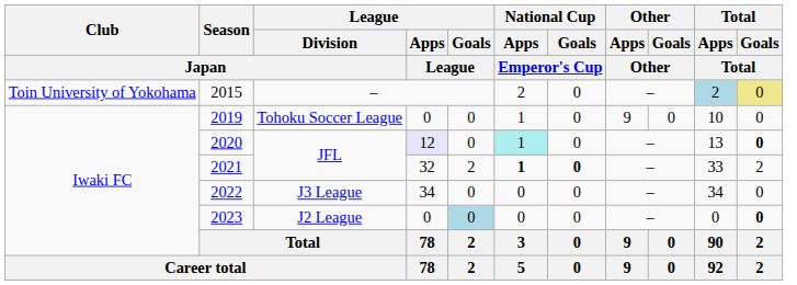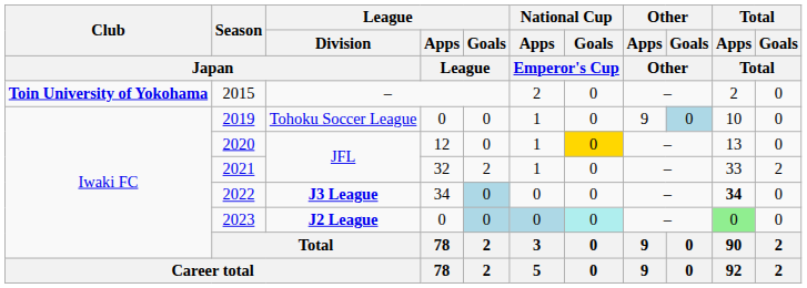 <table class="wikitable" style="text-align:center">
 <tr>
 <th rowspan=2>Club</th>
 <th rowspan=2>Season</th>
 <th colspan=3>League</th>
 <th colspan=2>National Cup</th>
 <th colspan=2>Other</th>
 <th colspan=2>Total</th>
 </tr>
 <tr>
 <th>Division</th>
 <th>Apps</th>
 <th>Goals</th>
 <th>Apps</th>
 <th>Goals</th>
 <th>Apps</th>
 <th>Goals</th>
 <th>Apps</th>
 <th>Goals</th>
 </tr>
 <tr>
 <th colspan=3>Japan</th>
 <th colspan=2>League</th>
 <th colspan=2><a href='#'>Emperor's Cup</a></th>
 <th colspan=2>Other</th>
 <th colspan=2>Total</th>
 </tr>
 <tr>
-<td><a href='#'>Toin University of Yokohama</a></td>
+<td><strong><a href='#'>Toin University of Yokohama</a></strong></td>
 <td>2015</td>
 <td colspan="3">–</td>
 <td>2</td>
 <td>0</td>
 <td colspan="2">–</td>
-<td style="background: lightblue;">2</td>
-<td style="background: khaki;">0</td>
+<td>2</td>
+<td>0</td>
 </tr>
 <tr>
 <td rowspan="6"><a href='#'>Iwaki FC</a></td>
 <td><a href='#'>2019</a></td>
 <td><a href='#'>Tohoku Soccer League</a></td>
 <td>0</td>
 <td>0</td>
 <td>1</td>
 <td>0</td>
 <td>9</td>
-<td>0</td>
+<td style="background: lightblue;">0</td>
 <td>10</td>
 <td>0</td>
 </tr>
 <tr>
 <td><a href='#'>2020</a></td>
 <td rowspan="2"><a href='#'>JFL</a></td>
-<td style="background: lavender;">12</td>
+<td>12</td>
 <td>0</td>
-<td style="background: paleturquoise;">1</td>
-<td>0</td>
+<td>1</td>
+<td style="background: gold;">0</td>
 <td colspan="2">–</td>
 <td>13</td>
-<td><strong>0</strong></td>
+<td>0</td>
 </tr>
 <tr>
 <td><a href='#'>2021</a></td>
 <td>32</td>
 <td>2</td>
-<td><strong>1</strong></td>
-<td><strong>0</strong></td>
+<td>1</td>
+<td>0</td>
 <td colspan="2">–</td>
 <td>33</td>
 <td>2</td>
 </tr>
 <tr>
 <td><a href='#'>2022</a></td>
-<td><a href='#'>J3 League</a></td>
+<td><strong><a href='#'>J3 League</a></strong></td>
 <td>34</td>
-<td>0</td>
+<td style="background: lightblue;">0</td>
 <td>0</td>
 <td>0</td>
 <td colspan="2">–</td>
-<td>34</td>
+<td><strong>34</strong></td>
 <td>0</td>
 </tr>
 <tr>
 <td><a href='#'>2023</a></td>
-<td><a href='#'>J2 League</a></td>
+<td><strong><a href='#'>J2 League</a></strong></td>
 <td>0</td>
 <td style="background: lightblue;">0</td>
+<td style="background: lightblue;">0</td>
+<td style="background: paleturquoise;">0</td>
+<td colspan="2">–</td>
+<td style="background: lightgreen;">0</td>
 <td>0</td>
-<td>0</td>
-<td colspan="2">–</td>
-<td>0</td>
-<td><strong>0</strong></td>
 </tr>
 <tr>
 <th colspan="2">Total</th>
 <th>78</th>
 <th>2</th>
 <th>3</th>
 <th>0</th>
 <th>9</th>
 <th>0</th>
 <th>90</th>
 <th>2</th>
 </tr>
 <tr>
 <th colspan=3>Career total</th>
 <th>78</th>
 <th>2</th>
 <th>5</th>
 <th>0</th>
 <th>9</th>
 <th>0</th>
 <th>92</th>
 <th>2</th>
 </tr>
 </table>
